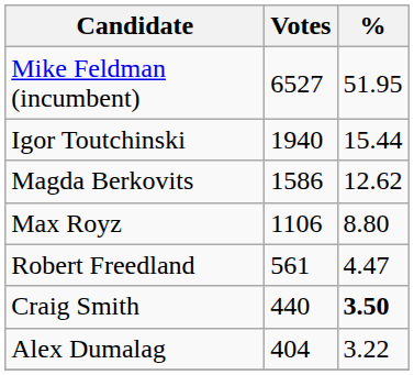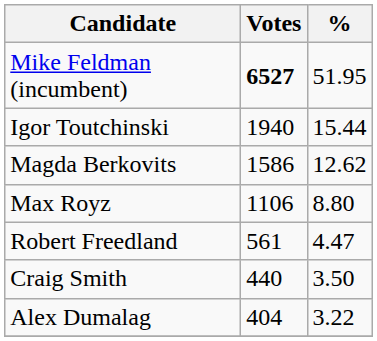 <table class="wikitable">
 <tr>
 <th bgcolor="#DDDDFF" width="150px">Candidate</th>
 <th bgcolor="#DDDDFF">Votes</th>
 <th bgcolor="#DDDDFF">%</th>
 </tr>
 <tr>
 <td><a href='#'>Mike Feldman</a> (incumbent)</td>
-<td>6527</td>
+<td><strong>6527</strong></td>
 <td>51.95</td>
 </tr>
 <tr>
 <td>Igor Toutchinski</td>
 <td>1940</td>
 <td>15.44</td>
 </tr>
 <tr>
 <td>Magda Berkovits</td>
 <td>1586</td>
 <td>12.62</td>
 </tr>
 <tr>
 <td>Max Royz</td>
 <td>1106</td>
 <td>8.80</td>
 </tr>
 <tr>
 <td>Robert Freedland</td>
 <td>561</td>
 <td>4.47</td>
 </tr>
 <tr>
 <td>Craig Smith</td>
 <td>440</td>
-<td><strong>3.50</strong></td>
+<td>3.50</td>
 </tr>
 <tr>
 <td>Alex Dumalag</td>
 <td>404</td>
 <td>3.22</td>
 </tr>
 <tr>
 </tr>
 </table>
